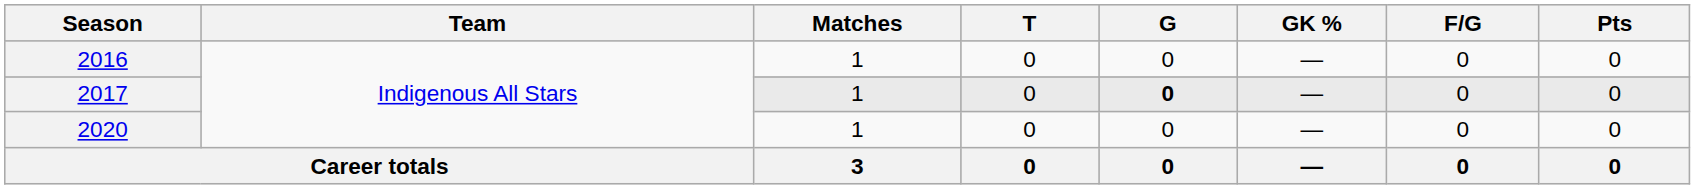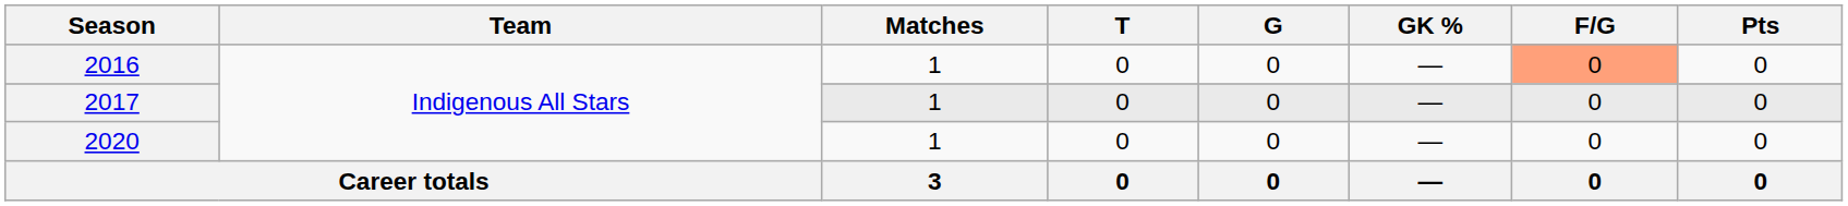 <table class="wikitable sortable"  style="font-size:90%; text-align:center; width:85%;">
 <tr>
 <th width=2%>Season</th>
 <th width=8%>Team</th>
 <th width=2%>Matches</th>
 <th width=2%>T</th>
 <th width=2%>G</th>
 <th width=2%>GK %</th>
 <th width=2%>F/G</th>
 <th width=2%>Pts</th>
 </tr>
 <tr>
 <th scope="row" style="text-align:center; font-weight:normal"><a href='#'>2016</a></th>
 <td rowspan="3" style="text-align:center;"> <a href='#'>Indigenous All Stars</a></td>
 <td>1</td>
 <td>0</td>
 <td>0</td>
 <td>—</td>
-<td>0</td>
+<td style="background: lightsalmon;">0</td>
 <td>0</td>
 </tr>
 <tr style="background:#eaeaea;">
 <th scope="row" style="text-align:center; font-weight:normal"><a href='#'>2017</a></th>
 <td>1</td>
 <td>0</td>
-<td><strong>0</strong></td>
+<td>0</td>
 <td>—</td>
 <td>0</td>
 <td>0</td>
 </tr>
 <tr>
 <th scope="row" style="text-align:center; font-weight:normal"><a href='#'>2020</a></th>
 <td>1</td>
 <td>0</td>
 <td>0</td>
 <td>—</td>
 <td>0</td>
 <td>0</td>
 </tr>
 <tr class="sortbottom">
 <th colspan=2>Career totals</th>
 <th>3</th>
 <th>0</th>
 <th>0</th>
 <th>—</th>
 <th>0</th>
 <th>0</th>
 </tr>
 </table>
